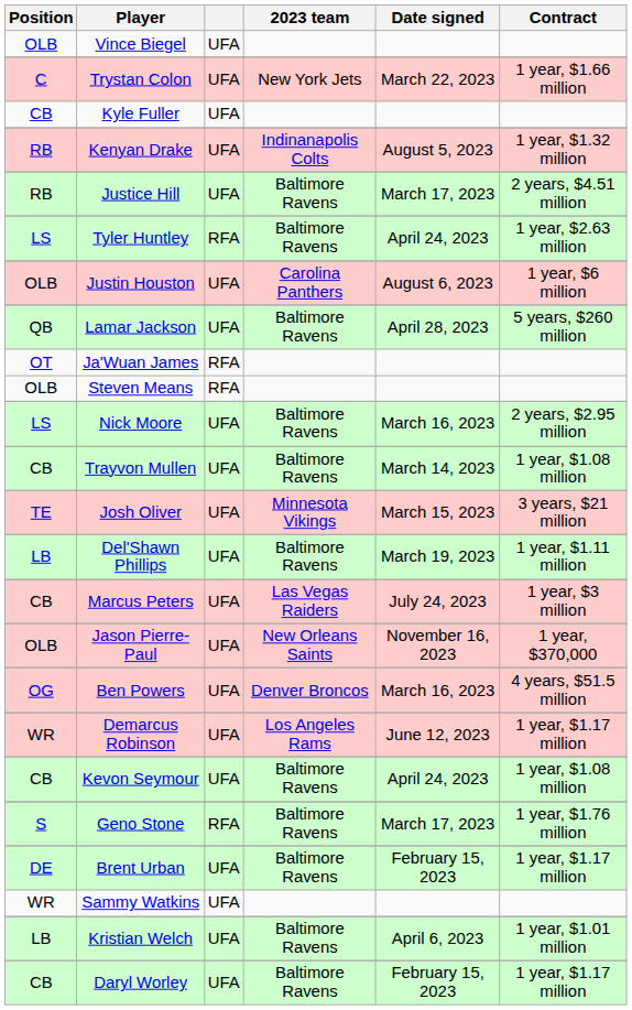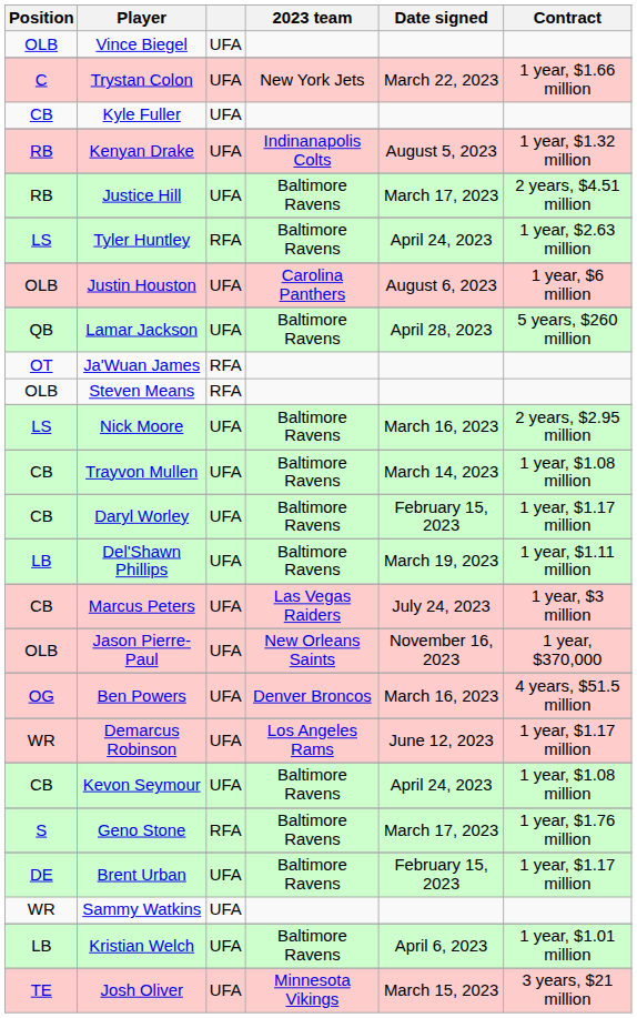 <table class="wikitable" style="text-align:center">
 <tr>
 <th>Position</th>
 <th>Player</th>
 <th></th>
 <th>2023 team</th>
 <th>Date signed</th>
 <th>Contract</th>
 </tr>
 <tr>
 <td><a href='#'>OLB</a></td>
 <td><a href='#'>Vince Biegel</a></td>
 <td>UFA</td>
 <td></td>
 <td></td>
 <td></td>
 </tr>
 <tr>
 </tr>
 <tr style="background:#fcc;">
 <td><a href='#'>C</a></td>
 <td><a href='#'>Trystan Colon</a></td>
 <td>UFA</td>
 <td>New York Jets</td>
 <td>March 22, 2023</td>
 <td>1 year, $1.66 million</td>
 </tr>
 <tr>
 <td><a href='#'>CB</a></td>
 <td><a href='#'>Kyle Fuller</a></td>
 <td>UFA</td>
 <td></td>
 <td></td>
 <td></td>
 </tr>
 <tr>
 </tr>
 <tr style="background:#fcc;">
 <td><a href='#'>RB</a></td>
 <td><a href='#'>Kenyan Drake</a></td>
 <td>UFA</td>
 <td><a href='#'>Indinanapolis Colts</a></td>
 <td>August 5, 2023</td>
 <td>1 year, $1.32 million</td>
 </tr>
 <tr>
 </tr>
 <tr style="background:#cfc;">
 <td>RB</td>
 <td><a href='#'>Justice Hill</a></td>
 <td>UFA</td>
 <td>Baltimore Ravens</td>
 <td>March 17, 2023</td>
 <td>2 years, $4.51 million</td>
 </tr>
 <tr>
 </tr>
 <tr style="background:#cfc;">
 <td><a href='#'>LS</a></td>
 <td><a href='#'>Tyler Huntley</a></td>
 <td>RFA</td>
 <td>Baltimore Ravens</td>
 <td>April 24, 2023</td>
 <td>1 year, $2.63 million</td>
 </tr>
 <tr>
 </tr>
 <tr style="background:#fcc;">
 <td>OLB</td>
 <td><a href='#'>Justin Houston</a></td>
 <td>UFA</td>
 <td><a href='#'>Carolina Panthers</a></td>
 <td>August 6, 2023</td>
 <td>1 year, $6 million</td>
 </tr>
 <tr>
 </tr>
 <tr style="background:#cfc;">
 <td>QB</td>
 <td><a href='#'>Lamar Jackson</a></td>
 <td>UFA</td>
 <td>Baltimore Ravens</td>
 <td>April 28, 2023</td>
 <td>5 years, $260 million</td>
 </tr>
 <tr>
 <td><a href='#'>OT</a></td>
 <td><a href='#'>Ja'Wuan James</a></td>
 <td>RFA</td>
 <td></td>
 <td></td>
 </tr>
 <tr>
 <td>OLB</td>
 <td><a href='#'>Steven Means</a></td>
 <td>RFA</td>
 <td></td>
 <td></td>
 <td></td>
 </tr>
 <tr>
 </tr>
 <tr style="background:#cfc;">
 <td><a href='#'>LS</a></td>
 <td><a href='#'>Nick Moore</a></td>
 <td>UFA</td>
 <td>Baltimore Ravens</td>
 <td>March 16, 2023</td>
 <td>2 years, $2.95 million</td>
 </tr>
 <tr>
 </tr>
 <tr style="background:#cfc;">
 <td>CB</td>
 <td><a href='#'>Trayvon Mullen</a></td>
 <td>UFA</td>
 <td>Baltimore Ravens</td>
 <td>March 14, 2023</td>
 <td>1 year, $1.08 million</td>
 </tr>
 <tr>
 </tr>
-<tr style="background:#fcc;">
-<td><a href='#'>TE</a></td>
-<td><a href='#'>Josh Oliver</a></td>
+<tr style="background:#cfc;">
+<td>CB</td>
+<td><a href='#'>Daryl Worley</a></td>
 <td>UFA</td>
-<td><a href='#'>Minnesota Vikings</a></td>
-<td>March 15, 2023</td>
-<td>3 years, $21 million</td>
+<td>Baltimore Ravens</td>
+<td>February 15, 2023</td>
+<td>1 year, $1.17 million</td>
 </tr>
 <tr>
 </tr>
 <tr style="background:#cfc;">
 <td><a href='#'>LB</a></td>
 <td><a href='#'>Del'Shawn Phillips</a></td>
 <td>UFA</td>
 <td>Baltimore Ravens</td>
 <td>March 19, 2023</td>
 <td>1 year, $1.11 million</td>
 </tr>
 <tr>
 </tr>
 <tr style="background:#fcc;">
 <td>CB</td>
 <td><a href='#'>Marcus Peters</a></td>
 <td>UFA</td>
 <td><a href='#'>Las Vegas Raiders</a></td>
 <td>July 24, 2023</td>
 <td>1 year, $3 million</td>
 </tr>
 <tr>
 </tr>
 <tr style="background:#fcc;">
 <td>OLB</td>
 <td><a href='#'>Jason Pierre-Paul</a></td>
 <td>UFA</td>
 <td><a href='#'>New Orleans Saints</a></td>
 <td>November 16, 2023</td>
 <td>1 year, $370,000</td>
 </tr>
 <tr>
 </tr>
 <tr style="background:#fcc;">
 <td><a href='#'>OG</a></td>
 <td><a href='#'>Ben Powers</a></td>
 <td>UFA</td>
 <td><a href='#'>Denver Broncos</a></td>
 <td>March 16, 2023</td>
 <td>4 years, $51.5 million</td>
 </tr>
 <tr>
 </tr>
 <tr style="background:#fcc;">
 <td>WR</td>
 <td><a href='#'>Demarcus Robinson</a></td>
 <td>UFA</td>
 <td><a href='#'>Los Angeles Rams</a></td>
 <td>June 12, 2023</td>
 <td>1 year, $1.17 million</td>
 </tr>
 <tr>
 </tr>
 <tr style="background:#cfc;">
 <td>CB</td>
 <td><a href='#'>Kevon Seymour</a></td>
 <td>UFA</td>
 <td>Baltimore Ravens</td>
 <td>April 24, 2023</td>
 <td>1 year, $1.08 million</td>
 </tr>
 <tr>
 </tr>
 <tr style="background:#cfc;">
 <td><a href='#'>S</a></td>
 <td><a href='#'>Geno Stone</a></td>
 <td>RFA</td>
 <td>Baltimore Ravens</td>
 <td>March 17, 2023</td>
 <td>1 year, $1.76 million</td>
 </tr>
 <tr>
 </tr>
 <tr style="background:#cfc;">
 <td><a href='#'>DE</a></td>
 <td><a href='#'>Brent Urban</a></td>
 <td>UFA</td>
 <td>Baltimore Ravens</td>
 <td>February 15, 2023</td>
 <td>1 year, $1.17 million</td>
 </tr>
 <tr>
 <td>WR</td>
 <td><a href='#'>Sammy Watkins</a></td>
 <td>UFA</td>
 <td></td>
 <td></td>
 <td></td>
 </tr>
 <tr>
 </tr>
 <tr style="background:#cfc;">
 <td>LB</td>
 <td><a href='#'>Kristian Welch</a></td>
 <td>UFA</td>
 <td>Baltimore Ravens</td>
 <td>April 6, 2023</td>
 <td>1 year, $1.01 million</td>
 </tr>
 <tr>
 </tr>
-<tr style="background:#cfc;">
-<td>CB</td>
-<td><a href='#'>Daryl Worley</a></td>
+<tr style="background:#fcc;">
+<td><a href='#'>TE</a></td>
+<td><a href='#'>Josh Oliver</a></td>
 <td>UFA</td>
-<td>Baltimore Ravens</td>
-<td>February 15, 2023</td>
-<td>1 year, $1.17 million</td>
+<td><a href='#'>Minnesota Vikings</a></td>
+<td>March 15, 2023</td>
+<td>3 years, $21 million</td>
 </tr>
 </table>
